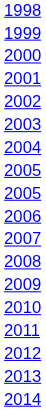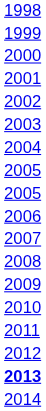 <table>
 <tr>
 <td><a href='#'>1998</a></td>
 <td></td>
 <td></td>
 <td></td>
 </tr>
 <tr>
 <td><a href='#'>1999</a></td>
 <td></td>
 <td></td>
 <td></td>
 </tr>
 <tr>
 <td><a href='#'>2000</a></td>
 <td></td>
 <td></td>
 <td></td>
 </tr>
 <tr>
 <td><a href='#'>2001</a></td>
 <td></td>
 <td></td>
 <td></td>
 </tr>
 <tr>
 <td><a href='#'>2002</a></td>
 <td></td>
 <td></td>
 <td></td>
 </tr>
 <tr>
 <td><a href='#'>2003</a></td>
 <td></td>
 <td></td>
 <td></td>
 </tr>
 <tr>
 <td><a href='#'>2004</a></td>
 <td></td>
 <td></td>
 <td></td>
 </tr>
 <tr>
 <td><a href='#'>2005</a></td>
 <td></td>
 <td></td>
 <td></td>
 </tr>
 <tr>
 <td><a href='#'>2005</a></td>
 <td></td>
 <td></td>
 <td></td>
 </tr>
 <tr>
 <td><a href='#'>2006</a></td>
 <td></td>
 <td></td>
 <td></td>
 </tr>
 <tr>
 <td><a href='#'>2007</a></td>
 <td></td>
 <td></td>
 <td></td>
 </tr>
 <tr>
 <td><a href='#'>2008</a></td>
 <td></td>
 <td></td>
 <td></td>
 </tr>
 <tr>
 <td><a href='#'>2009</a></td>
 <td></td>
 <td></td>
 <td></td>
 </tr>
 <tr>
 <td><a href='#'>2010</a></td>
 <td></td>
 <td></td>
 <td></td>
 </tr>
 <tr>
 <td><a href='#'>2011</a></td>
 <td></td>
 <td></td>
 <td></td>
 </tr>
 <tr>
 <td><a href='#'>2012</a></td>
 <td></td>
 <td></td>
 <td></td>
 </tr>
 <tr>
-<td><a href='#'>2013</a></td>
+<td><strong><a href='#'>2013</a></strong></td>
 <td></td>
 <td></td>
 <td></td>
 </tr>
 <tr>
 <td><a href='#'>2014</a></td>
 <td></td>
 <td></td>
 <td></td>
 </tr>
 </table>
